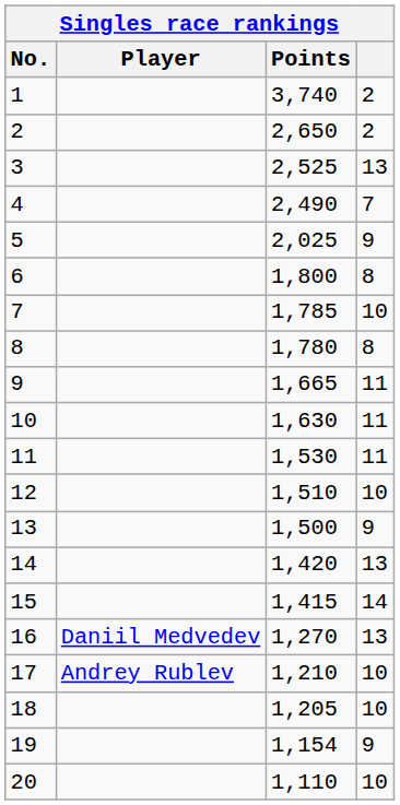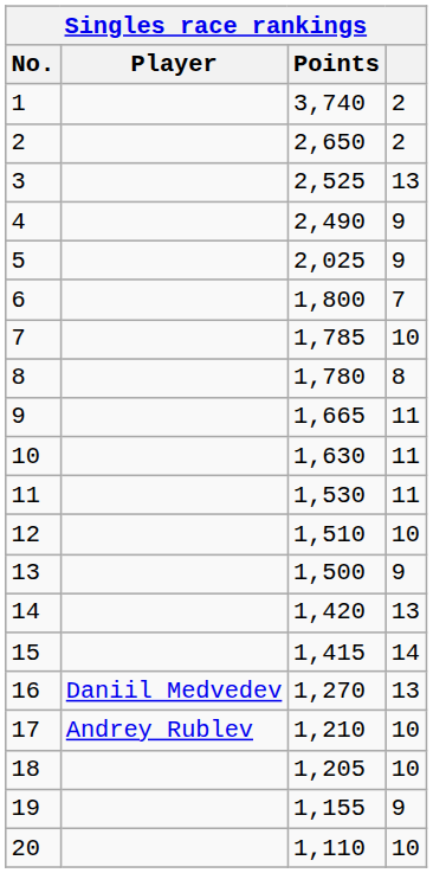 <table class="wikitable nowrap defaultcenter col2left" style="display:inline-table">
 <tr>
 <th scope="col" colspan=4><a href='#'>Singles race rankings</a> </th>
 </tr>
 <tr>
 <th scope="col">No.</th>
 <th scope="col">Player</th>
 <th scope="col">Points</th>
 <th scope="col"></th>
 </tr>
 <tr>
 <td>1</td>
 <td></td>
 <td>3,740</td>
 <td>2</td>
 </tr>
 <tr>
 <td>2</td>
 <td></td>
 <td>2,650</td>
 <td>2</td>
 </tr>
 <tr>
 <td>3</td>
 <td></td>
 <td>2,525</td>
 <td>13</td>
 </tr>
 <tr>
 <td>4</td>
 <td></td>
 <td>2,490</td>
-<td>7</td>
+<td>9</td>
 </tr>
 <tr>
 <td>5</td>
 <td></td>
 <td>2,025</td>
 <td>9</td>
 </tr>
 <tr>
 <td>6</td>
 <td></td>
 <td>1,800</td>
-<td>8</td>
+<td>7</td>
 </tr>
 <tr>
 <td>7</td>
 <td></td>
 <td>1,785</td>
 <td>10</td>
 </tr>
 <tr>
 <td>8</td>
 <td></td>
 <td>1,780</td>
 <td>8</td>
 </tr>
 <tr>
 <td>9</td>
 <td></td>
 <td>1,665</td>
 <td>11</td>
 </tr>
 <tr>
 <td>10</td>
 <td></td>
 <td>1,630</td>
 <td>11</td>
 </tr>
 <tr>
 <td>11</td>
 <td></td>
 <td>1,530</td>
 <td>11</td>
 </tr>
 <tr>
 <td>12</td>
 <td></td>
 <td>1,510</td>
 <td>10</td>
 </tr>
 <tr>
 <td>13</td>
 <td></td>
 <td>1,500</td>
 <td>9</td>
 </tr>
 <tr>
 <td>14</td>
 <td></td>
 <td>1,420</td>
 <td>13</td>
 </tr>
 <tr>
 <td>15</td>
 <td></td>
 <td>1,415</td>
 <td>14</td>
 </tr>
 <tr>
 <td>16</td>
 <td> <a href='#'>Daniil Medvedev</a></td>
 <td>1,270</td>
 <td>13</td>
 </tr>
 <tr>
 <td>17</td>
 <td> <a href='#'>Andrey Rublev</a></td>
 <td>1,210</td>
 <td>10</td>
 </tr>
 <tr>
 <td>18</td>
 <td></td>
 <td>1,205</td>
 <td>10</td>
 </tr>
 <tr>
 <td>19</td>
 <td></td>
-<td>1,154</td>
+<td>1,155</td>
 <td>9</td>
 </tr>
 <tr>
 <td>20</td>
 <td></td>
 <td>1,110</td>
 <td>10</td>
 </tr>
 </table>
